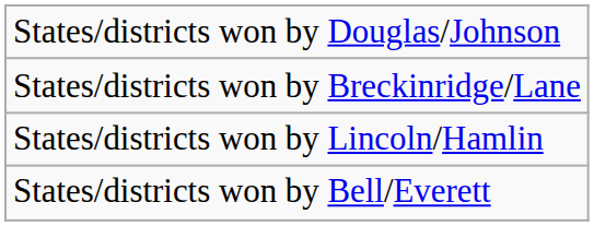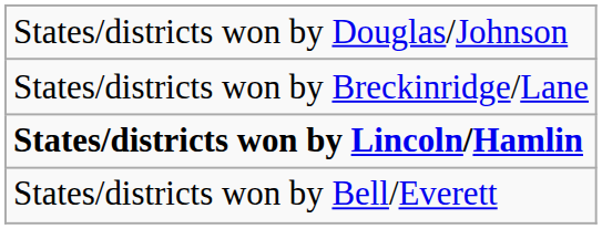 <table class="wikitable">
 <tr>
 <td>States/districts won by <a href='#'>Douglas</a>/<a href='#'>Johnson</a></td>
 </tr>
 <tr>
 <td>States/districts won by <a href='#'>Breckinridge</a>/<a href='#'>Lane</a></td>
 </tr>
 <tr>
-<td>States/districts won by <a href='#'>Lincoln</a>/<a href='#'>Hamlin</a></td>
+<td><strong>States/districts won by <a href='#'>Lincoln</a>/<a href='#'>Hamlin</a></strong></td>
 </tr>
 <tr>
 <td>States/districts won by <a href='#'>Bell</a>/<a href='#'>Everett</a></td>
 </tr>
 </table>
